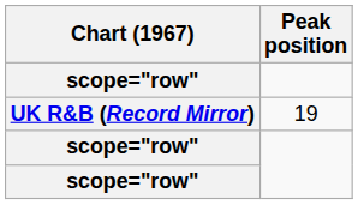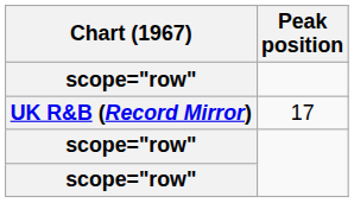 <table class="wikitable sortable plainrowheaders">
 <tr>
 <th align="left">Chart (1967)</th>
 <th style="text-align:center;">Peak<br>position</th>
 </tr>
 <tr>
 <th>scope="row" </th>
 </tr>
 <tr>
 <th scope="row"><a href='#'>UK R&B</a> (<em><a href='#'>Record Mirror</a></em>)</th>
-<td align="center">19</td>
+<td align="center">17</td>
 </tr>
 <tr>
 <th>scope="row" </th>
 </tr>
 <tr>
 <th>scope="row" </th>
 </tr>
 </table>
